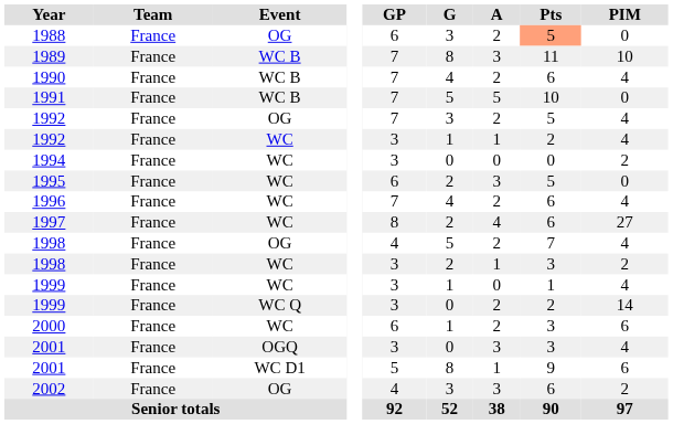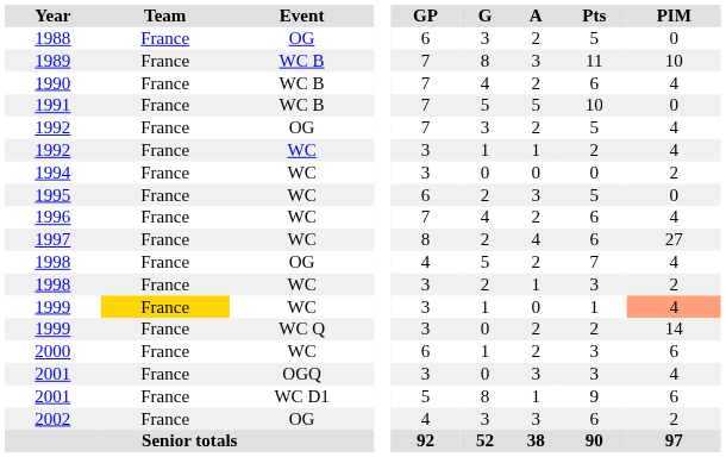 <table border="0" cellpadding="1" cellspacing="0" style="text-align:center; width:40em">
 <tr ALIGN="center" bgcolor="#e0e0e0">
 <th>Year</th>
 <th>Team</th>
 <th>Event</th>
 <th rowspan="99" bgcolor="#ffffff"> </th>
 <th>GP</th>
 <th>G</th>
 <th>A</th>
 <th>Pts</th>
 <th>PIM</th>
 </tr>
 <tr>
 <td><a href='#'>1988</a></td>
 <td><a href='#'>France</a></td>
 <td><a href='#'>OG</a></td>
 <td>6</td>
 <td>3</td>
 <td>2</td>
-<td style="background: lightsalmon;">5</td>
+<td>5</td>
 <td>0</td>
 </tr>
 <tr bgcolor="#f0f0f0">
 <td><a href='#'>1989</a></td>
 <td>France</td>
 <td><a href='#'>WC B</a></td>
 <td>7</td>
 <td>8</td>
 <td>3</td>
 <td>11</td>
 <td>10</td>
 </tr>
 <tr>
 <td><a href='#'>1990</a></td>
 <td>France</td>
 <td>WC B</td>
 <td>7</td>
 <td>4</td>
 <td>2</td>
 <td>6</td>
 <td>4</td>
 </tr>
 <tr bgcolor="#f0f0f0">
 <td><a href='#'>1991</a></td>
 <td>France</td>
 <td>WC B</td>
 <td>7</td>
 <td>5</td>
 <td>5</td>
 <td>10</td>
 <td>0</td>
 </tr>
 <tr>
 <td><a href='#'>1992</a></td>
 <td>France</td>
 <td>OG</td>
 <td>7</td>
 <td>3</td>
 <td>2</td>
 <td>5</td>
 <td>4</td>
 </tr>
 <tr bgcolor="#f0f0f0">
 <td><a href='#'>1992</a></td>
 <td>France</td>
 <td><a href='#'>WC</a></td>
 <td>3</td>
 <td>1</td>
 <td>1</td>
 <td>2</td>
 <td>4</td>
 </tr>
 <tr>
 <td><a href='#'>1994</a></td>
 <td>France</td>
 <td>WC</td>
 <td>3</td>
 <td>0</td>
 <td>0</td>
 <td>0</td>
 <td>2</td>
 </tr>
 <tr bgcolor="#f0f0f0">
 <td><a href='#'>1995</a></td>
 <td>France</td>
 <td>WC</td>
 <td>6</td>
 <td>2</td>
 <td>3</td>
 <td>5</td>
 <td>0</td>
 </tr>
 <tr>
 <td><a href='#'>1996</a></td>
 <td>France</td>
 <td>WC</td>
 <td>7</td>
 <td>4</td>
 <td>2</td>
 <td>6</td>
 <td>4</td>
 </tr>
 <tr bgcolor="#f0f0f0">
 <td><a href='#'>1997</a></td>
 <td>France</td>
 <td>WC</td>
 <td>8</td>
 <td>2</td>
 <td>4</td>
 <td>6</td>
 <td>27</td>
 </tr>
 <tr>
 <td><a href='#'>1998</a></td>
 <td>France</td>
 <td>OG</td>
 <td>4</td>
 <td>5</td>
 <td>2</td>
 <td>7</td>
 <td>4</td>
 </tr>
 <tr bgcolor="#f0f0f0">
 <td><a href='#'>1998</a></td>
 <td>France</td>
 <td>WC</td>
 <td>3</td>
 <td>2</td>
 <td>1</td>
 <td>3</td>
 <td>2</td>
 </tr>
 <tr>
 <td><a href='#'>1999</a></td>
-<td>France</td>
+<td style="background: gold;">France</td>
 <td>WC</td>
 <td>3</td>
 <td>1</td>
 <td>0</td>
 <td>1</td>
-<td>4</td>
+<td style="background: lightsalmon;">4</td>
 </tr>
 <tr bgcolor="#f0f0f0">
 <td><a href='#'>1999</a></td>
 <td>France</td>
 <td>WC Q</td>
 <td>3</td>
 <td>0</td>
 <td>2</td>
 <td>2</td>
 <td>14</td>
 </tr>
 <tr>
 <td><a href='#'>2000</a></td>
 <td>France</td>
 <td>WC</td>
 <td>6</td>
 <td>1</td>
 <td>2</td>
 <td>3</td>
 <td>6</td>
 </tr>
 <tr bgcolor="#f0f0f0">
 <td><a href='#'>2001</a></td>
 <td>France</td>
 <td>OGQ</td>
 <td>3</td>
 <td>0</td>
 <td>3</td>
 <td>3</td>
 <td>4</td>
 </tr>
 <tr>
 <td><a href='#'>2001</a></td>
 <td>France</td>
 <td>WC D1</td>
 <td>5</td>
 <td>8</td>
 <td>1</td>
 <td>9</td>
 <td>6</td>
 </tr>
 <tr bgcolor="#f0f0f0">
 <td><a href='#'>2002</a></td>
 <td>France</td>
 <td>OG</td>
 <td>4</td>
 <td>3</td>
 <td>3</td>
 <td>6</td>
 <td>2</td>
 </tr>
 <tr bgcolor="#e0e0e0">
 <th colspan=3>Senior totals</th>
 <th>92</th>
 <th>52</th>
 <th>38</th>
 <th>90</th>
 <th>97</th>
 </tr>
 </table>
